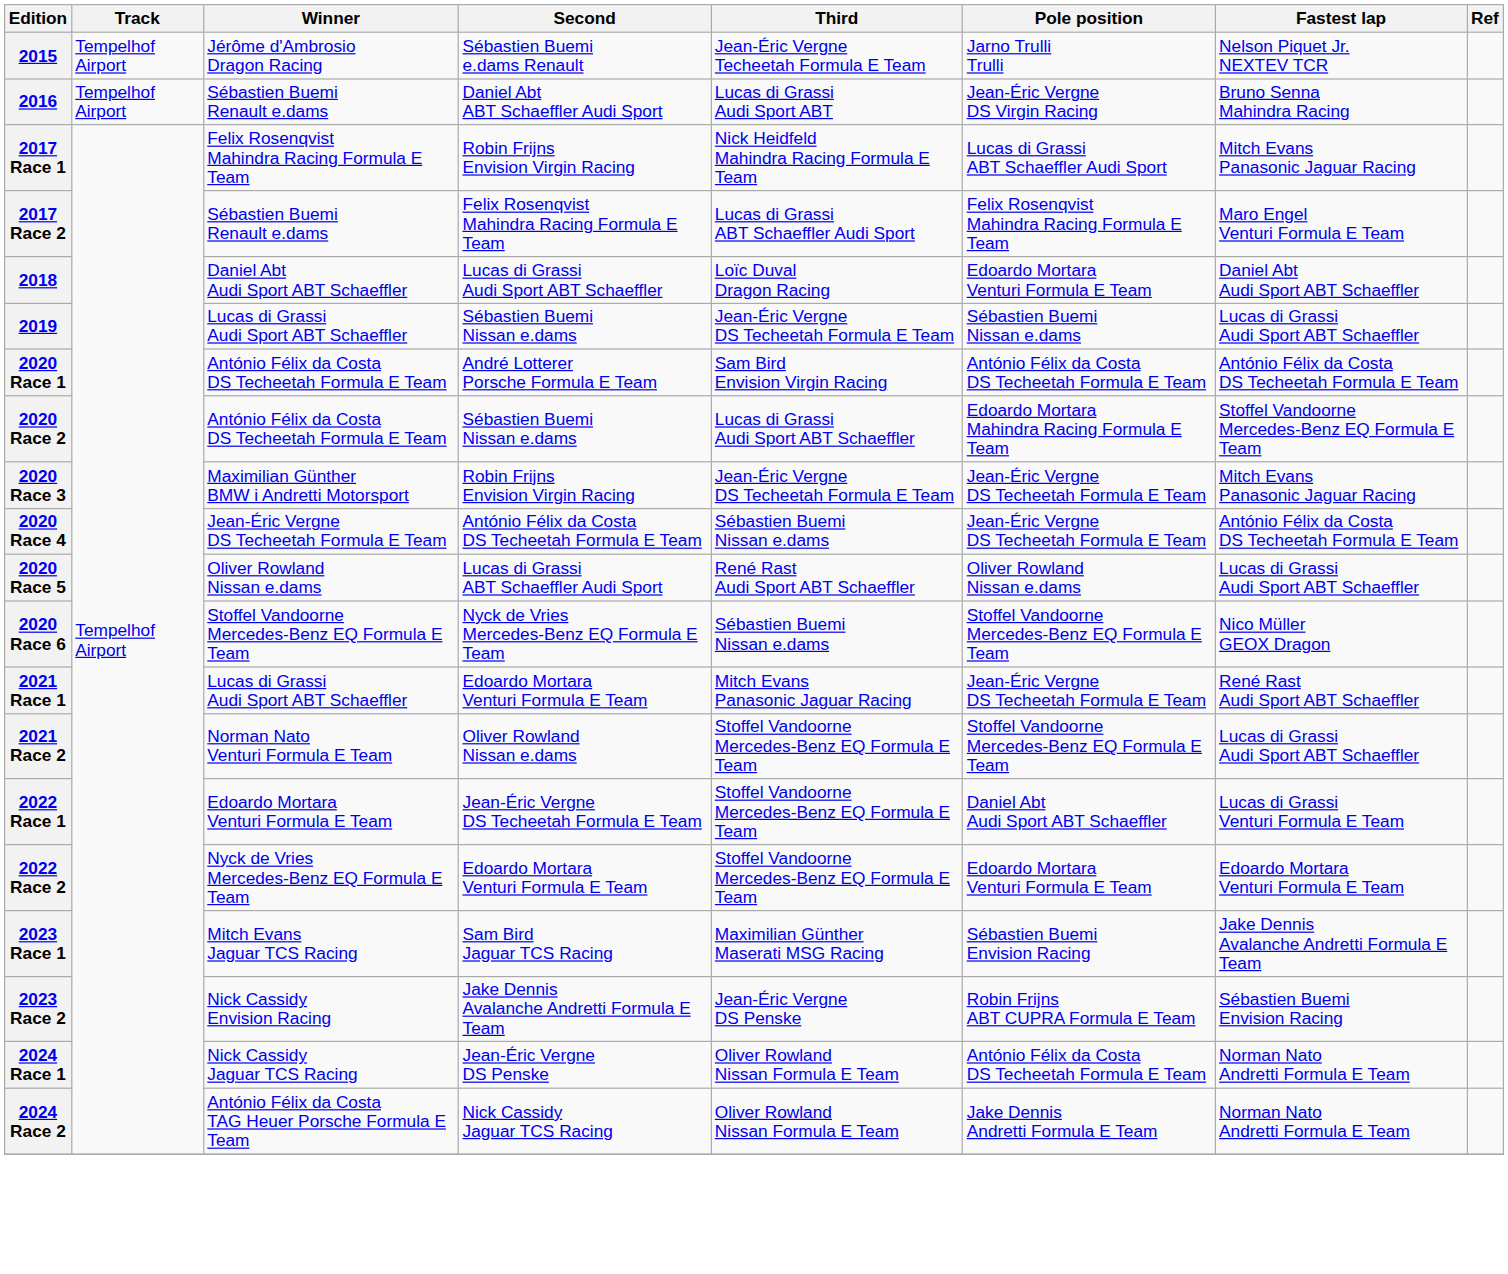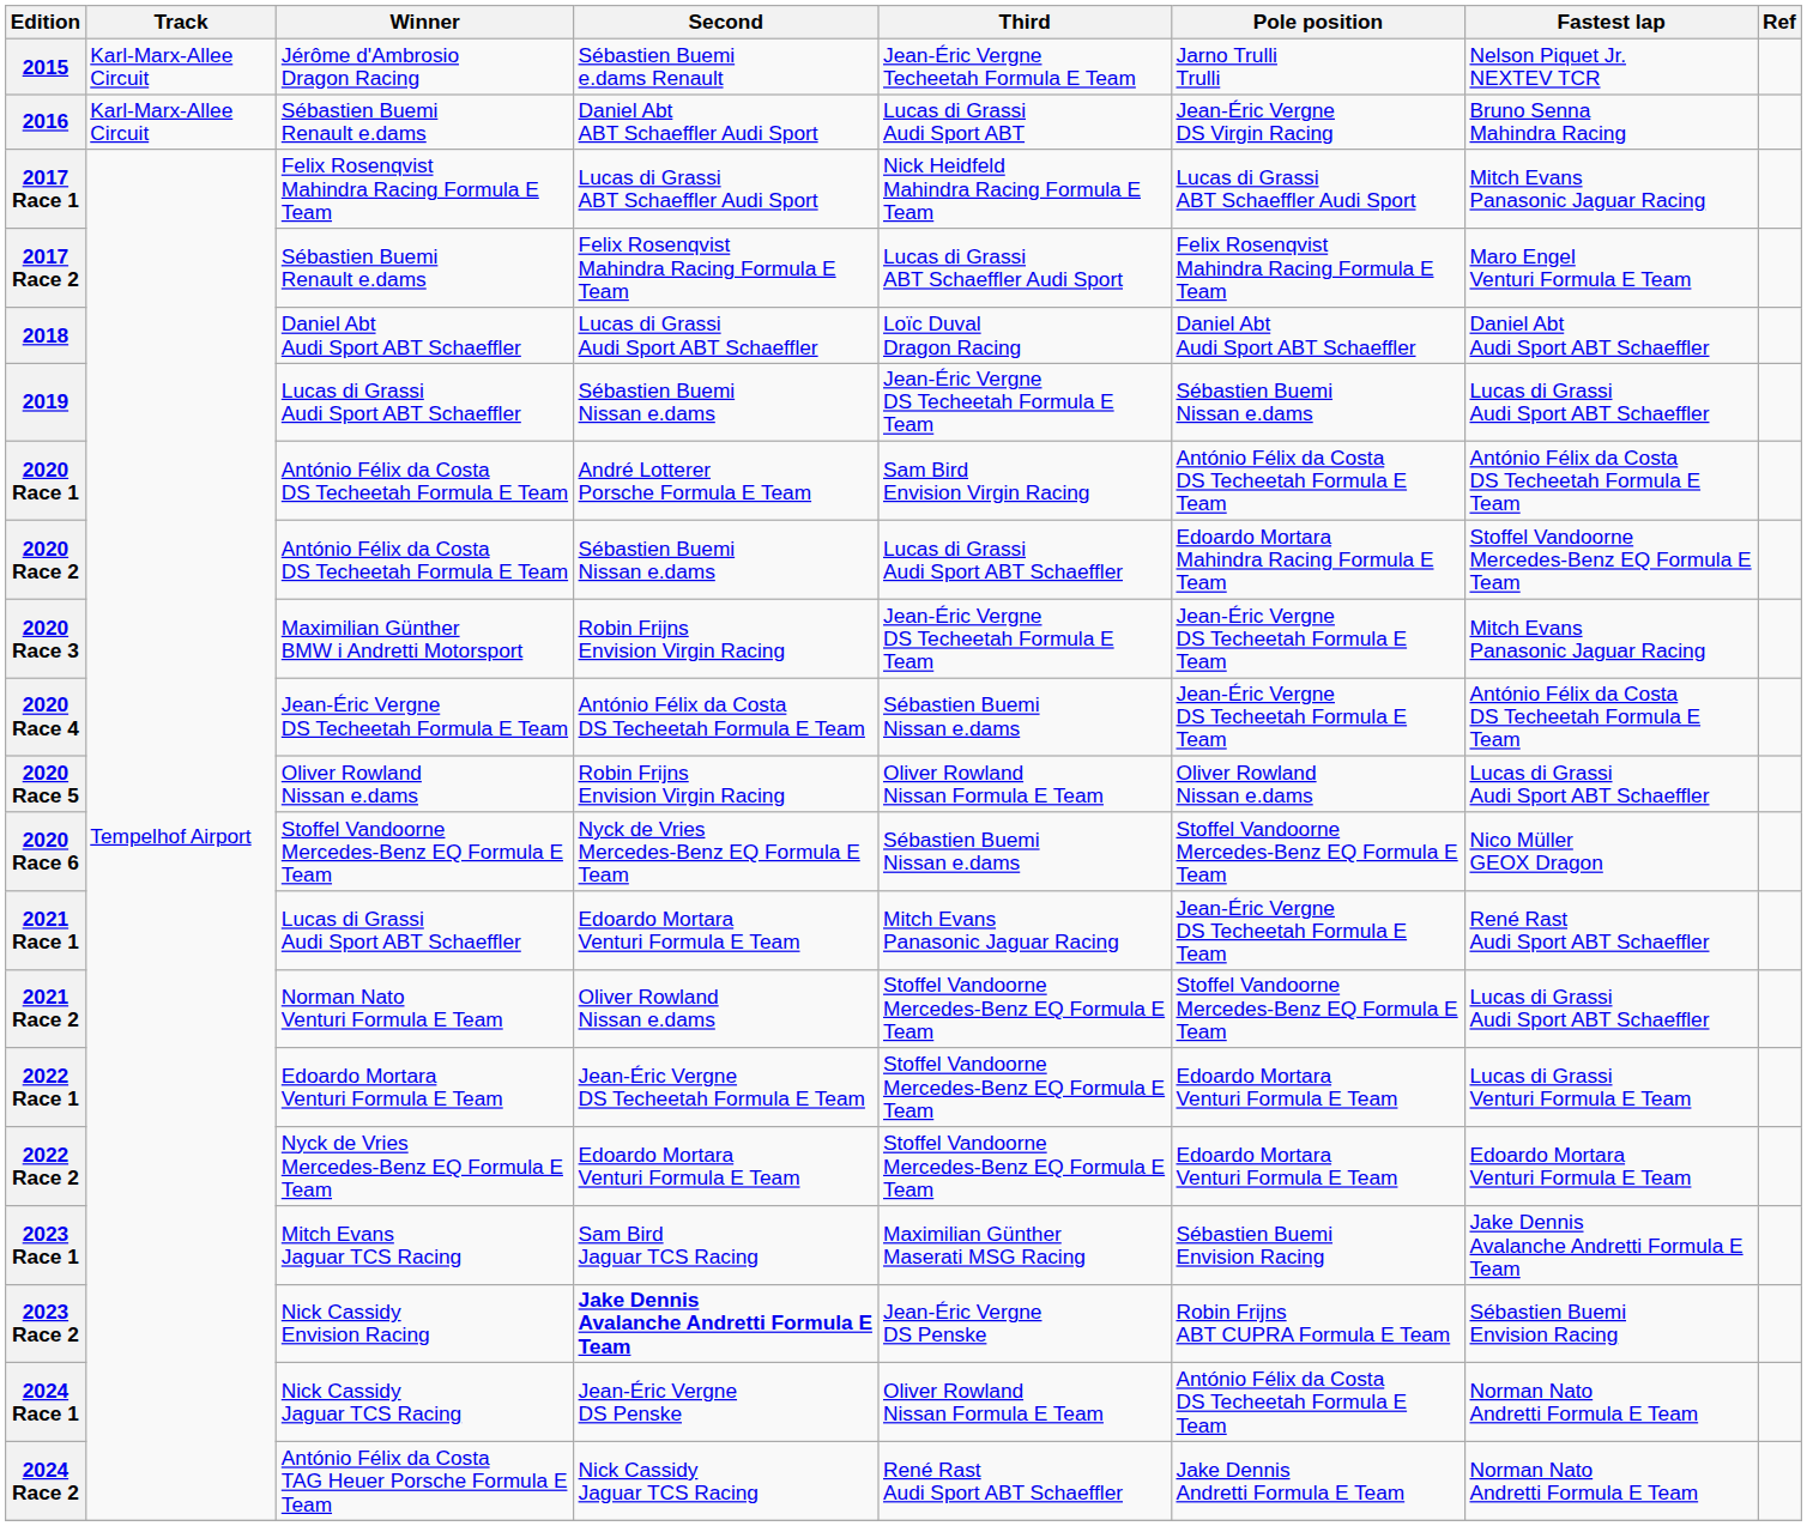 <table Class = "wikitable" style = "font-size: 90%;">
 <tr>
 <th>Edition</th>
 <th>Track</th>
 <th>Winner</th>
 <th>Second</th>
 <th>Third</th>
 <th>Pole position</th>
 <th>Fastest lap</th>
 <th>Ref</th>
 </tr>
 <tr>
 <th><a href='#'>2015</a></th>
-<td><a href='#'>Tempelhof Airport</a></td>
+<td><a href='#'>Karl-Marx-Allee Circuit</a></td>
 <td> <a href='#'>Jérôme d'Ambrosio</a><br><a href='#'>Dragon Racing</a></td>
 <td> <a href='#'>Sébastien Buemi</a><br><a href='#'>e.dams Renault</a></td>
 <td> <a href='#'>Jean-Éric Vergne</a><br><a href='#'>Techeetah Formula E Team</a></td>
 <td> <a href='#'>Jarno Trulli</a><br><a href='#'>Trulli</a></td>
 <td> <a href='#'>Nelson Piquet Jr.</a><br><a href='#'>NEXTEV TCR</a></td>
 <td align="center"></td>
 </tr>
 <tr>
 <th><a href='#'>2016</a></th>
-<td><a href='#'>Tempelhof Airport</a></td>
+<td><a href='#'>Karl-Marx-Allee Circuit</a></td>
 <td> <a href='#'>Sébastien Buemi</a><br><a href='#'>Renault e.dams</a></td>
 <td> <a href='#'>Daniel Abt</a><br><a href='#'>ABT Schaeffler Audi Sport</a></td>
 <td> <a href='#'>Lucas di Grassi</a><br><a href='#'>Audi Sport ABT</a></td>
 <td> <a href='#'>Jean-Éric Vergne</a><br><a href='#'>DS Virgin Racing</a></td>
 <td> <a href='#'>Bruno Senna</a><br><a href='#'>Mahindra Racing</a></td>
 <td align="center"></td>
 </tr>
 <tr>
 <th><a href='#'>2017</a><br>Race 1</th>
 <td rowspan="18"><a href='#'>Tempelhof Airport</a></td>
 <td> <a href='#'>Felix Rosenqvist</a><br><a href='#'>Mahindra Racing Formula E Team</a></td>
-<td> <a href='#'>Robin Frijns</a><br><a href='#'>Envision Virgin Racing</a></td>
+<td> <a href='#'>Lucas di Grassi</a><br><a href='#'>ABT Schaeffler Audi Sport</a></td>
 <td> <a href='#'>Nick Heidfeld</a><br><a href='#'>Mahindra Racing Formula E Team</a></td>
 <td> <a href='#'>Lucas di Grassi</a><br><a href='#'>ABT Schaeffler Audi Sport</a></td>
 <td> <a href='#'>Mitch Evans</a><br><a href='#'>Panasonic Jaguar Racing</a></td>
 <td align="center"></td>
 </tr>
 <tr>
 <th><a href='#'>2017</a><br>Race 2</th>
 <td> <a href='#'>Sébastien Buemi</a><br><a href='#'>Renault e.dams</a></td>
 <td> <a href='#'>Felix Rosenqvist</a><br><a href='#'>Mahindra Racing Formula E Team</a></td>
 <td> <a href='#'>Lucas di Grassi</a><br><a href='#'>ABT Schaeffler Audi Sport</a></td>
 <td> <a href='#'>Felix Rosenqvist</a><br><a href='#'>Mahindra Racing Formula E Team</a></td>
 <td> <a href='#'>Maro Engel</a><br><a href='#'>Venturi Formula E Team</a></td>
 <td align="center"></td>
 </tr>
 <tr>
 <th><a href='#'>2018</a></th>
 <td> <a href='#'>Daniel Abt</a><br><a href='#'>Audi Sport ABT Schaeffler</a></td>
 <td> <a href='#'>Lucas di Grassi</a><br><a href='#'>Audi Sport ABT Schaeffler</a></td>
 <td> <a href='#'>Loïc Duval</a><br><a href='#'>Dragon Racing</a></td>
-<td> <a href='#'>Edoardo Mortara</a><br><a href='#'>Venturi Formula E Team</a></td>
+<td> <a href='#'>Daniel Abt</a><br><a href='#'>Audi Sport ABT Schaeffler</a></td>
 <td> <a href='#'>Daniel Abt</a><br><a href='#'>Audi Sport ABT Schaeffler</a></td>
 <td align="center"></td>
 </tr>
 <tr>
 <th><a href='#'>2019</a></th>
 <td> <a href='#'>Lucas di Grassi</a><br><a href='#'>Audi Sport ABT Schaeffler</a></td>
 <td> <a href='#'>Sébastien Buemi</a><br><a href='#'>Nissan e.dams</a></td>
 <td> <a href='#'>Jean-Éric Vergne</a><br><a href='#'>DS Techeetah Formula E Team</a></td>
 <td> <a href='#'>Sébastien Buemi</a><br><a href='#'>Nissan e.dams</a></td>
 <td> <a href='#'>Lucas di Grassi</a><br><a href='#'>Audi Sport ABT Schaeffler</a></td>
 <td align="center"></td>
 </tr>
 <tr>
 <th><a href='#'>2020</a><br>Race 1</th>
 <td> <a href='#'>António Félix da Costa</a><br><a href='#'>DS Techeetah Formula E Team</a></td>
 <td> <a href='#'>André Lotterer</a><br><a href='#'>Porsche Formula E Team</a></td>
 <td> <a href='#'>Sam Bird</a><br><a href='#'>Envision Virgin Racing</a></td>
 <td> <a href='#'>António Félix da Costa</a><br><a href='#'>DS Techeetah Formula E Team</a></td>
 <td> <a href='#'>António Félix da Costa</a><br><a href='#'>DS Techeetah Formula E Team</a></td>
 <td align="center"></td>
 </tr>
 <tr>
 <th><a href='#'>2020</a><br>Race 2</th>
 <td> <a href='#'>António Félix da Costa</a><br><a href='#'>DS Techeetah Formula E Team</a></td>
 <td> <a href='#'>Sébastien Buemi</a><br><a href='#'>Nissan e.dams</a></td>
 <td> <a href='#'>Lucas di Grassi</a><br><a href='#'>Audi Sport ABT Schaeffler</a></td>
 <td> <a href='#'>Edoardo Mortara</a><br><a href='#'>Mahindra Racing Formula E Team</a></td>
 <td> <a href='#'>Stoffel Vandoorne</a><br><a href='#'>Mercedes-Benz EQ Formula E Team</a></td>
 <td align="center"></td>
 </tr>
 <tr>
 <th><a href='#'>2020</a><br>Race 3</th>
 <td> <a href='#'>Maximilian Günther</a><br><a href='#'>BMW i Andretti Motorsport</a></td>
 <td> <a href='#'>Robin Frijns</a><br><a href='#'>Envision Virgin Racing</a></td>
 <td> <a href='#'>Jean-Éric Vergne</a><br><a href='#'>DS Techeetah Formula E Team</a></td>
 <td> <a href='#'>Jean-Éric Vergne</a><br><a href='#'>DS Techeetah Formula E Team</a></td>
 <td> <a href='#'>Mitch Evans</a><br><a href='#'>Panasonic Jaguar Racing</a></td>
 <td align="center"></td>
 </tr>
 <tr>
 <th><a href='#'>2020</a><br>Race 4</th>
 <td> <a href='#'>Jean-Éric Vergne</a><br><a href='#'>DS Techeetah Formula E Team</a></td>
 <td> <a href='#'>António Félix da Costa</a><br><a href='#'>DS Techeetah Formula E Team</a></td>
 <td> <a href='#'>Sébastien Buemi</a><br><a href='#'>Nissan e.dams</a></td>
 <td> <a href='#'>Jean-Éric Vergne</a><br><a href='#'>DS Techeetah Formula E Team</a></td>
 <td> <a href='#'>António Félix da Costa</a><br><a href='#'>DS Techeetah Formula E Team</a></td>
 <td align="center"></td>
 </tr>
 <tr>
 <th><a href='#'>2020</a><br>Race 5</th>
 <td> <a href='#'>Oliver Rowland</a><br><a href='#'>Nissan e.dams</a></td>
-<td> <a href='#'>Lucas di Grassi</a><br><a href='#'>ABT Schaeffler Audi Sport</a></td>
-<td> <a href='#'>René Rast</a><br><a href='#'>Audi Sport ABT Schaeffler</a></td>
+<td> <a href='#'>Robin Frijns</a><br><a href='#'>Envision Virgin Racing</a></td>
+<td> <a href='#'>Oliver Rowland</a><br><a href='#'>Nissan Formula E Team</a></td>
 <td> <a href='#'>Oliver Rowland</a><br><a href='#'>Nissan e.dams</a></td>
 <td> <a href='#'>Lucas di Grassi</a><br><a href='#'>Audi Sport ABT Schaeffler</a></td>
 <td align="center"></td>
 </tr>
 <tr>
 <th><a href='#'>2020</a><br>Race 6</th>
 <td> <a href='#'>Stoffel Vandoorne</a><br><a href='#'>Mercedes-Benz EQ Formula E Team</a></td>
 <td> <a href='#'>Nyck de Vries</a><br><a href='#'>Mercedes-Benz EQ Formula E Team</a></td>
 <td> <a href='#'>Sébastien Buemi</a><br><a href='#'>Nissan e.dams</a></td>
 <td> <a href='#'>Stoffel Vandoorne</a><br><a href='#'>Mercedes-Benz EQ Formula E Team</a></td>
 <td> <a href='#'>Nico Müller</a><br><a href='#'>GEOX Dragon</a></td>
 <td align="center"></td>
 </tr>
 <tr>
 <th><a href='#'>2021</a><br>Race 1</th>
 <td> <a href='#'>Lucas di Grassi</a><br><a href='#'>Audi Sport ABT Schaeffler</a></td>
 <td> <a href='#'>Edoardo Mortara</a><br><a href='#'>Venturi Formula E Team</a></td>
 <td> <a href='#'>Mitch Evans</a><br><a href='#'>Panasonic Jaguar Racing</a></td>
 <td> <a href='#'>Jean-Éric Vergne</a><br><a href='#'>DS Techeetah Formula E Team</a></td>
 <td> <a href='#'>René Rast</a><br><a href='#'>Audi Sport ABT Schaeffler</a></td>
 <td align="center"></td>
 </tr>
 <tr>
 <th><a href='#'>2021</a><br>Race 2</th>
 <td> <a href='#'>Norman Nato</a><br><a href='#'>Venturi Formula E Team</a></td>
 <td> <a href='#'>Oliver Rowland</a><br><a href='#'>Nissan e.dams</a></td>
 <td> <a href='#'>Stoffel Vandoorne</a><br><a href='#'>Mercedes-Benz EQ Formula E Team</a></td>
 <td> <a href='#'>Stoffel Vandoorne</a><br><a href='#'>Mercedes-Benz EQ Formula E Team</a></td>
 <td> <a href='#'>Lucas di Grassi</a><br><a href='#'>Audi Sport ABT Schaeffler</a></td>
 <td align="center"></td>
 </tr>
 <tr>
 <th><a href='#'>2022</a><br>Race 1</th>
 <td> <a href='#'>Edoardo Mortara</a><br><a href='#'>Venturi Formula E Team</a></td>
 <td> <a href='#'>Jean-Éric Vergne</a><br><a href='#'>DS Techeetah Formula E Team</a></td>
 <td> <a href='#'>Stoffel Vandoorne</a><br><a href='#'>Mercedes-Benz EQ Formula E Team</a></td>
-<td> <a href='#'>Daniel Abt</a><br><a href='#'>Audi Sport ABT Schaeffler</a></td>
+<td> <a href='#'>Edoardo Mortara</a><br><a href='#'>Venturi Formula E Team</a></td>
 <td> <a href='#'>Lucas di Grassi</a><br><a href='#'>Venturi Formula E Team</a></td>
 <td align="center"></td>
 </tr>
 <tr>
 <th><a href='#'>2022</a><br>Race 2</th>
 <td> <a href='#'>Nyck de Vries</a><br><a href='#'>Mercedes-Benz EQ Formula E Team</a></td>
 <td> <a href='#'>Edoardo Mortara</a><br><a href='#'>Venturi Formula E Team</a></td>
 <td> <a href='#'>Stoffel Vandoorne</a><br><a href='#'>Mercedes-Benz EQ Formula E Team</a></td>
 <td> <a href='#'>Edoardo Mortara</a><br><a href='#'>Venturi Formula E Team</a></td>
 <td> <a href='#'>Edoardo Mortara</a><br><a href='#'>Venturi Formula E Team</a></td>
 <td align="center"></td>
 </tr>
 <tr>
 <th><a href='#'>2023</a><br>Race 1</th>
 <td> <a href='#'>Mitch Evans</a><br><a href='#'>Jaguar TCS Racing</a></td>
 <td> <a href='#'>Sam Bird</a><br><a href='#'>Jaguar TCS Racing</a></td>
 <td> <a href='#'>Maximilian Günther</a><br><a href='#'>Maserati MSG Racing</a></td>
 <td> <a href='#'>Sébastien Buemi</a><br><a href='#'>Envision Racing</a></td>
 <td> <a href='#'>Jake Dennis</a><br><a href='#'>Avalanche Andretti Formula E Team</a></td>
 <td align="center"></td>
 </tr>
 <tr>
 <th><a href='#'>2023</a><br>Race 2</th>
 <td> <a href='#'>Nick Cassidy</a><br><a href='#'>Envision Racing</a></td>
-<td> <a href='#'>Jake Dennis</a><br><a href='#'>Avalanche Andretti Formula E Team</a></td>
+<td><strong> <a href='#'>Jake Dennis</a><br><a href='#'>Avalanche Andretti Formula E Team</a></strong></td>
 <td> <a href='#'>Jean-Éric Vergne</a><br><a href='#'>DS Penske</a></td>
 <td> <a href='#'>Robin Frijns</a><br><a href='#'>ABT CUPRA Formula E Team</a></td>
 <td> <a href='#'>Sébastien Buemi</a><br><a href='#'>Envision Racing</a></td>
 <td></td>
 </tr>
 <tr>
 <th><a href='#'>2024</a><br>Race 1</th>
 <td> <a href='#'>Nick Cassidy</a><br><a href='#'>Jaguar TCS Racing</a></td>
 <td> <a href='#'>Jean-Éric Vergne</a><br><a href='#'>DS Penske</a></td>
 <td> <a href='#'>Oliver Rowland</a><br><a href='#'>Nissan Formula E Team</a></td>
 <td> <a href='#'>António Félix da Costa</a><br><a href='#'>DS Techeetah Formula E Team</a></td>
 <td> <a href='#'>Norman Nato</a><br><a href='#'>Andretti Formula E Team</a></td>
 <td></td>
 </tr>
 <tr>
 <th><a href='#'>2024</a><br>Race 2</th>
 <td> <a href='#'>António Félix da Costa</a><br><a href='#'>TAG Heuer Porsche Formula E Team</a></td>
 <td> <a href='#'>Nick Cassidy</a><br><a href='#'>Jaguar TCS Racing</a></td>
-<td> <a href='#'>Oliver Rowland</a><br><a href='#'>Nissan Formula E Team</a></td>
+<td> <a href='#'>René Rast</a><br><a href='#'>Audi Sport ABT Schaeffler</a></td>
 <td> <a href='#'>Jake Dennis</a><br><a href='#'>Andretti Formula E Team</a></td>
 <td> <a href='#'>Norman Nato</a><br><a href='#'>Andretti Formula E Team</a></td>
 <td></td>
 </tr>
 <tr>
 </tr>
 </table>
